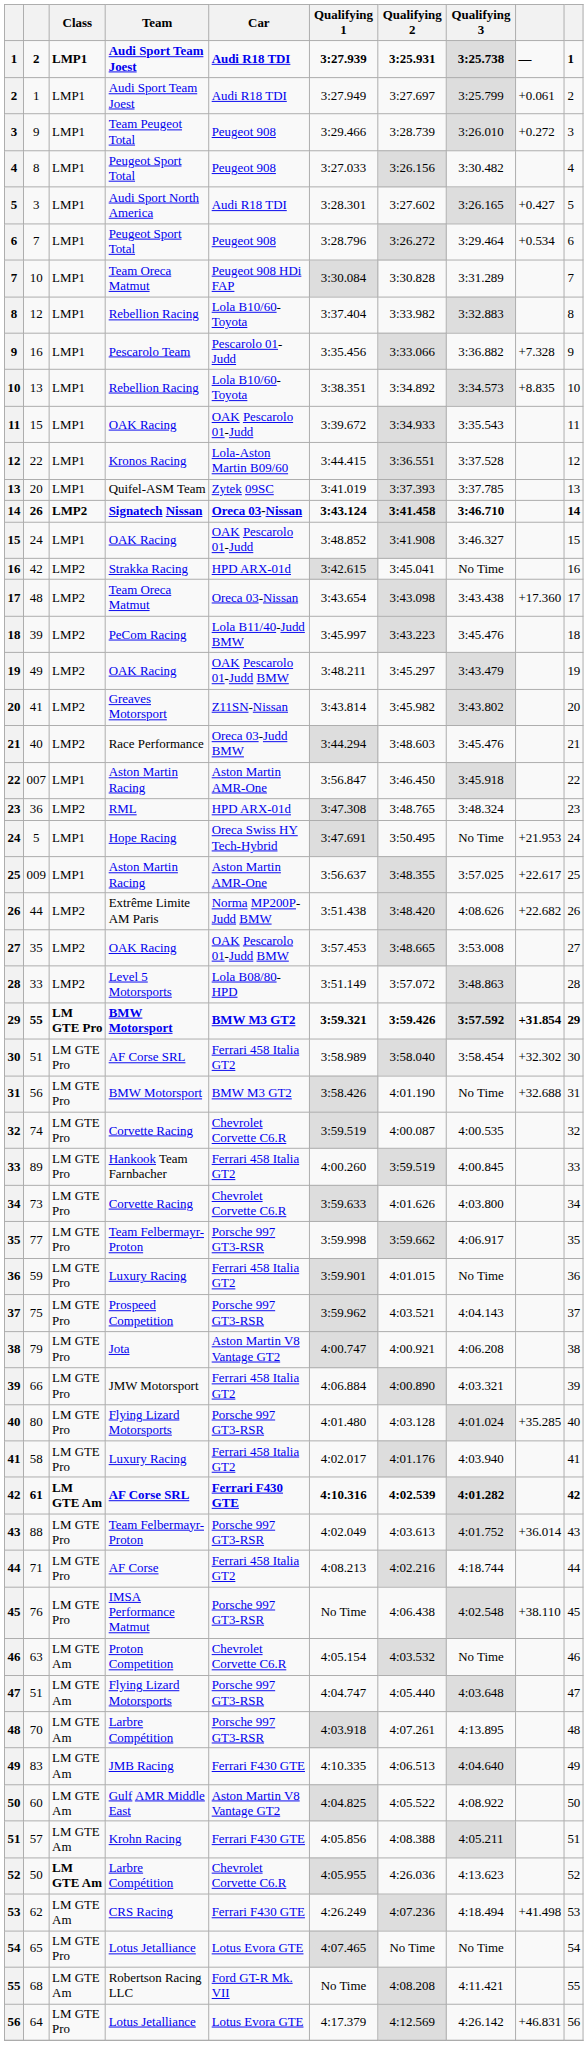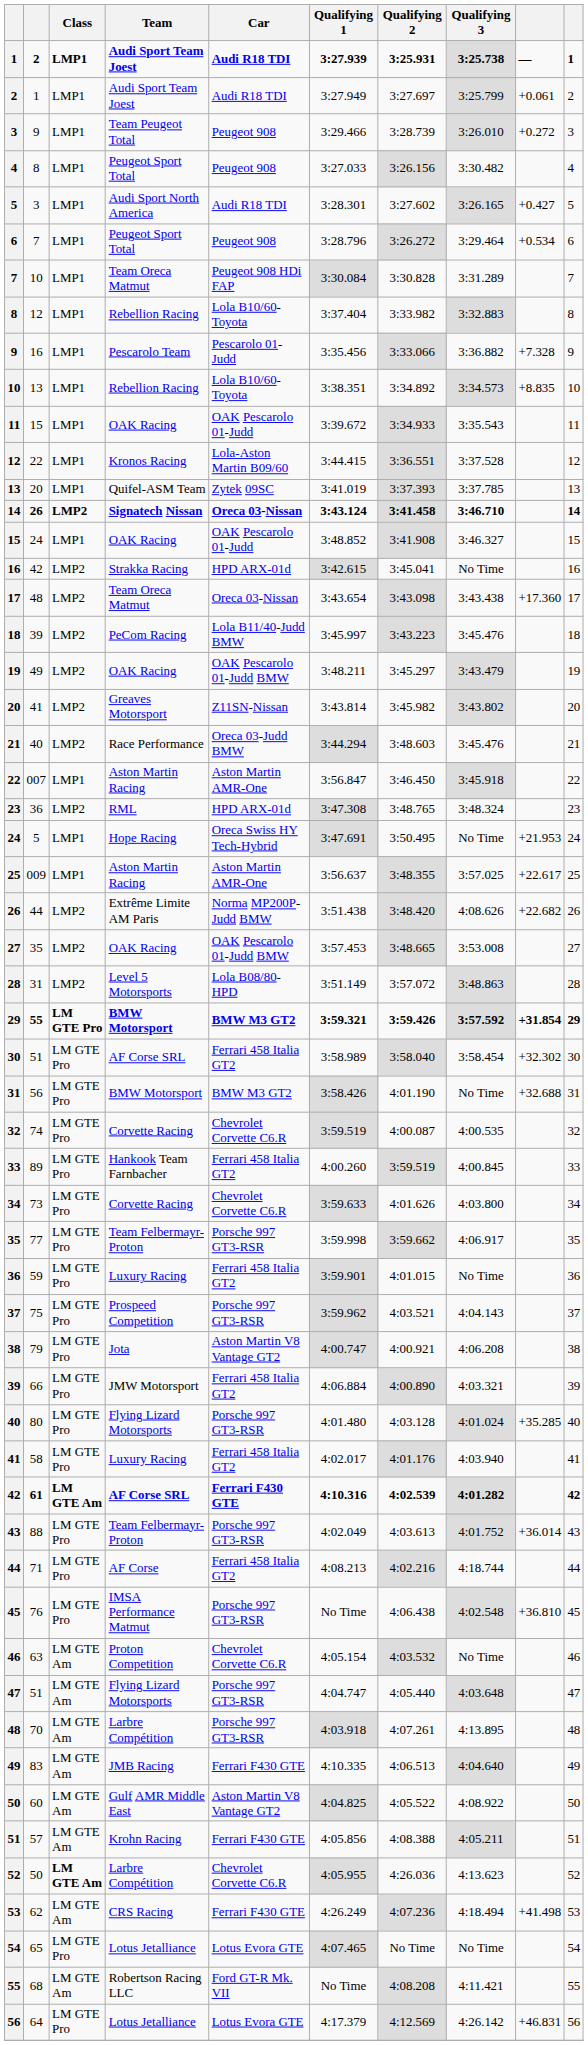 <table class="wikitable sortable" style="font-size: 85%;">
 <tr>
 <th scope=col></th>
 <th scope=col></th>
 <th scope=col>Class</th>
 <th scope=col>Team</th>
 <th scope=col>Car</th>
 <th scope=col>Qualifying 1</th>
 <th scope=col>Qualifying 2</th>
 <th scope=col>Qualifying 3</th>
 <th scope=col></th>
 <th scope=col></th>
 </tr>
 <tr style="font-weight:bold">
 <th scope=row>1</th>
 <td align=center>2</td>
 <td>LMP1</td>
 <td><a href='#'>Audi Sport Team Joest</a></td>
 <td><a href='#'>Audi R18 TDI</a></td>
 <td align=center>3:27.939</td>
 <td align=center>3:25.931</td>
 <td align=center style=background:#ddd;>3:25.738</td>
 <td>—</td>
 <td>1</td>
 </tr>
 <tr>
 <th scope=row>2</th>
 <td align=center>1</td>
 <td>LMP1</td>
 <td><a href='#'>Audi Sport Team Joest</a></td>
 <td><a href='#'>Audi R18 TDI</a></td>
 <td align=center>3:27.949</td>
 <td align=center>3:27.697</td>
 <td align=center style=background:#ddd;>3:25.799</td>
 <td>+0.061</td>
 <td>2</td>
 </tr>
 <tr>
 <th scope=row>3</th>
 <td align=center>9</td>
 <td>LMP1</td>
 <td><a href='#'>Team Peugeot Total</a></td>
 <td><a href='#'>Peugeot 908</a></td>
 <td align=center>3:29.466</td>
 <td align=center>3:28.739</td>
 <td align=center style=background:#ddd;>3:26.010</td>
 <td>+0.272</td>
 <td>3</td>
 </tr>
 <tr>
 <th scope=row>4</th>
 <td align=center>8</td>
 <td>LMP1</td>
 <td><a href='#'>Peugeot Sport Total</a></td>
 <td><a href='#'>Peugeot 908</a></td>
 <td align=center>3:27.033</td>
 <td align=center style=background:#ddd;>3:26.156</td>
 <td align=center>3:30.482</td>
 <td></td>
 <td>4</td>
 </tr>
 <tr>
 <th scope=row>5</th>
 <td align=center>3</td>
 <td>LMP1</td>
 <td><a href='#'>Audi Sport North America</a></td>
 <td><a href='#'>Audi R18 TDI</a></td>
 <td align=center>3:28.301</td>
 <td align=center>3:27.602</td>
 <td align=center style=background:#ddd;>3:26.165</td>
 <td>+0.427</td>
 <td>5</td>
 </tr>
 <tr>
 <th scope=row>6</th>
 <td align=center>7</td>
 <td>LMP1</td>
 <td><a href='#'>Peugeot Sport Total</a></td>
 <td><a href='#'>Peugeot 908</a></td>
 <td align=center>3:28.796</td>
 <td align=center style=background:#ddd;>3:26.272</td>
 <td align=center>3:29.464</td>
 <td>+0.534</td>
 <td>6</td>
 </tr>
 <tr>
 <th scope=row>7</th>
 <td align=center>10</td>
 <td>LMP1</td>
 <td><a href='#'>Team Oreca Matmut</a></td>
 <td><a href='#'>Peugeot 908 HDi FAP</a></td>
 <td align=center style=background:#ddd;>3:30.084</td>
 <td align=center>3:30.828</td>
 <td align=center>3:31.289</td>
 <td></td>
 <td>7</td>
 </tr>
 <tr>
 <th scope=row>8</th>
 <td align=center>12</td>
 <td>LMP1</td>
 <td><a href='#'>Rebellion Racing</a></td>
 <td><a href='#'>Lola B10/60</a>-<a href='#'>Toyota</a></td>
 <td align=center>3:37.404</td>
 <td align=center>3:33.982</td>
 <td align=center style=background:#ddd;>3:32.883</td>
 <td></td>
 <td>8</td>
 </tr>
 <tr>
 <th scope=row>9</th>
 <td align=center>16</td>
 <td>LMP1</td>
 <td><a href='#'>Pescarolo Team</a></td>
 <td><a href='#'>Pescarolo 01</a>-<a href='#'>Judd</a></td>
 <td align=center>3:35.456</td>
 <td align=center style=background:#ddd;>3:33.066</td>
 <td align=center>3:36.882</td>
 <td>+7.328</td>
 <td>9</td>
 </tr>
 <tr>
 <th scope=row>10</th>
 <td align=center>13</td>
 <td>LMP1</td>
 <td><a href='#'>Rebellion Racing</a></td>
 <td><a href='#'>Lola B10/60</a>-<a href='#'>Toyota</a></td>
 <td align=center>3:38.351</td>
 <td align=center>3:34.892</td>
 <td align=center style=background:#ddd;>3:34.573</td>
 <td>+8.835</td>
 <td>10</td>
 </tr>
 <tr>
 <th scope=row>11</th>
 <td align=center>15</td>
 <td>LMP1</td>
 <td><a href='#'>OAK Racing</a></td>
 <td><a href='#'>OAK</a> <a href='#'>Pescarolo 01</a>-<a href='#'>Judd</a></td>
 <td align=center>3:39.672</td>
 <td align=center style=background:#ddd;>3:34.933</td>
 <td align=center>3:35.543</td>
 <td></td>
 <td>11</td>
 </tr>
 <tr>
 <th scope=row>12</th>
 <td align=center>22</td>
 <td>LMP1</td>
 <td><a href='#'>Kronos Racing</a></td>
 <td><a href='#'>Lola-Aston Martin B09/60</a></td>
 <td align=center>3:44.415</td>
 <td align=center style=background:#ddd;>3:36.551</td>
 <td align=center>3:37.528</td>
 <td></td>
 <td>12</td>
 </tr>
 <tr>
 <th scope=row>13</th>
 <td align=center>20</td>
 <td>LMP1</td>
 <td>Quifel-ASM Team</td>
 <td><a href='#'>Zytek</a> <a href='#'>09SC</a></td>
 <td align=center>3:41.019</td>
 <td align=center style=background:#ddd;>3:37.393</td>
 <td align=center>3:37.785</td>
 <td></td>
 <td>13</td>
 </tr>
 <tr style="font-weight:bold">
 <th scope=row>14</th>
 <td align=center>26</td>
 <td>LMP2</td>
 <td><a href='#'>Signatech</a> <a href='#'>Nissan</a></td>
 <td><a href='#'>Oreca 03</a>-<a href='#'>Nissan</a></td>
 <td align=center>3:43.124</td>
 <td align=center style=background:#ddd;>3:41.458</td>
 <td align=center>3:46.710</td>
 <td></td>
 <td>14</td>
 </tr>
 <tr>
 <th scope=row>15</th>
 <td align=center>24</td>
 <td>LMP1</td>
 <td><a href='#'>OAK Racing</a></td>
 <td><a href='#'>OAK</a> <a href='#'>Pescarolo 01</a>-<a href='#'>Judd</a></td>
 <td align=center>3:48.852</td>
 <td align=center style=background:#ddd;>3:41.908</td>
 <td align=center>3:46.327</td>
 <td></td>
 <td>15</td>
 </tr>
 <tr>
 <th scope=row>16</th>
 <td align=center>42</td>
 <td>LMP2</td>
 <td><a href='#'>Strakka Racing</a></td>
 <td><a href='#'>HPD ARX-01d</a></td>
 <td align=center style=background:#ddd;>3:42.615</td>
 <td align=center>3:45.041</td>
 <td align=center>No Time</td>
 <td></td>
 <td>16</td>
 </tr>
 <tr>
 <th scope=row>17</th>
 <td align=center>48</td>
 <td>LMP2</td>
 <td><a href='#'>Team Oreca Matmut</a></td>
 <td><a href='#'>Oreca 03</a>-<a href='#'>Nissan</a></td>
 <td align=center>3:43.654</td>
 <td align=center style=background:#ddd;>3:43.098</td>
 <td align=center>3:43.438</td>
 <td>+17.360</td>
 <td>17</td>
 </tr>
 <tr>
 <th scope=row>18</th>
 <td align=center>39</td>
 <td>LMP2</td>
 <td><a href='#'>PeCom Racing</a></td>
 <td><a href='#'>Lola B11/40</a>-<a href='#'>Judd</a> <a href='#'>BMW</a></td>
 <td align=center>3:45.997</td>
 <td align=center style=background:#ddd;>3:43.223</td>
 <td align=center>3:45.476</td>
 <td></td>
 <td>18</td>
 </tr>
 <tr>
 <th scope=row>19</th>
 <td align=center>49</td>
 <td>LMP2</td>
 <td><a href='#'>OAK Racing</a></td>
 <td><a href='#'>OAK</a> <a href='#'>Pescarolo 01</a>-<a href='#'>Judd</a> <a href='#'>BMW</a></td>
 <td align=center>3:48.211</td>
 <td align=center>3:45.297</td>
 <td align=center style=background:#ddd;>3:43.479</td>
 <td></td>
 <td>19</td>
 </tr>
 <tr>
 <th scope=row>20</th>
 <td align=center>41</td>
 <td>LMP2</td>
 <td><a href='#'>Greaves Motorsport</a></td>
 <td><a href='#'>Z11SN</a>-<a href='#'>Nissan</a></td>
 <td align=center>3:43.814</td>
 <td align=center>3:45.982</td>
 <td align=center style=background:#ddd;>3:43.802</td>
 <td></td>
 <td>20</td>
 </tr>
 <tr>
 <th scope=row>21</th>
 <td align=center>40</td>
 <td>LMP2</td>
 <td>Race Performance</td>
 <td><a href='#'>Oreca 03</a>-<a href='#'>Judd</a> <a href='#'>BMW</a></td>
 <td align=center style=background:#ddd;>3:44.294</td>
 <td align=center>3:48.603</td>
 <td align=center>3:45.476</td>
 <td></td>
 <td>21</td>
 </tr>
 <tr>
 <th scope=row>22</th>
 <td align=center>007</td>
 <td>LMP1</td>
 <td><a href='#'>Aston Martin Racing</a></td>
 <td><a href='#'>Aston Martin AMR-One</a></td>
 <td align=center>3:56.847</td>
 <td align=center>3:46.450</td>
 <td align=center style=background:#ddd;>3:45.918</td>
 <td></td>
 <td>22</td>
 </tr>
 <tr>
 <th scope=row>23</th>
 <td align=center>36</td>
 <td>LMP2</td>
 <td><a href='#'>RML</a></td>
 <td><a href='#'>HPD ARX-01d</a></td>
 <td align=center style=background:#ddd;>3:47.308</td>
 <td align=center>3:48.765</td>
 <td align=center>3:48.324</td>
 <td></td>
 <td>23</td>
 </tr>
 <tr>
 <th scope=row>24</th>
 <td align=center>5</td>
 <td>LMP1</td>
 <td><a href='#'>Hope Racing</a></td>
 <td><a href='#'>Oreca Swiss HY Tech-Hybrid</a></td>
 <td align=center style=background:#ddd;>3:47.691</td>
 <td align=center>3:50.495</td>
 <td align=center>No Time</td>
 <td>+21.953</td>
 <td>24</td>
 </tr>
 <tr>
 <th scope=row>25</th>
 <td align=center>009</td>
 <td>LMP1</td>
 <td><a href='#'>Aston Martin Racing</a></td>
 <td><a href='#'>Aston Martin AMR-One</a></td>
 <td align=center>3:56.637</td>
 <td align=center style=background:#ddd;>3:48.355</td>
 <td align=center>3:57.025</td>
 <td>+22.617</td>
 <td>25</td>
 </tr>
 <tr>
 <th scope=row>26</th>
 <td align=center>44</td>
 <td>LMP2</td>
 <td>Extrême Limite AM Paris</td>
 <td><a href='#'>Norma</a> <a href='#'>MP200P</a>-<a href='#'>Judd</a> <a href='#'>BMW</a></td>
 <td align=center>3:51.438</td>
 <td align=center style=background:#ddd;>3:48.420</td>
 <td align=center>4:08.626</td>
 <td>+22.682</td>
 <td>26</td>
 </tr>
 <tr>
 <th scope=row>27</th>
 <td align=center>35</td>
 <td>LMP2</td>
 <td><a href='#'>OAK Racing</a></td>
 <td><a href='#'>OAK</a> <a href='#'>Pescarolo 01</a>-<a href='#'>Judd</a> <a href='#'>BMW</a></td>
 <td align=center>3:57.453</td>
 <td align=center style=background:#ddd;>3:48.665</td>
 <td align=center>3:53.008</td>
 <td></td>
 <td>27</td>
 </tr>
 <tr>
 <th scope=row>28</th>
-<td align=center>33</td>
+<td align=center>31</td>
 <td>LMP2</td>
 <td><a href='#'>Level 5 Motorsports</a></td>
 <td><a href='#'>Lola B08/80</a>-<a href='#'>HPD</a></td>
 <td align=center>3:51.149</td>
 <td align=center>3:57.072</td>
 <td align=center style=background:#ddd;>3:48.863</td>
 <td></td>
 <td>28</td>
 </tr>
 <tr style="font-weight:bold">
 <th scope=row>29</th>
 <td align=center>55</td>
 <td>LM GTE Pro</td>
 <td><a href='#'>BMW Motorsport</a></td>
 <td><a href='#'>BMW M3 GT2</a></td>
 <td align=center>3:59.321</td>
 <td align=center>3:59.426</td>
 <td align=center style=background:#ddd;>3:57.592</td>
 <td>+31.854</td>
 <td>29</td>
 </tr>
 <tr>
 <th scope=row>30</th>
 <td align=center>51</td>
 <td>LM GTE Pro</td>
 <td><a href='#'>AF Corse SRL</a></td>
 <td><a href='#'>Ferrari 458 Italia GT2</a></td>
 <td align=center>3:58.989</td>
 <td align=center style=background:#ddd;>3:58.040</td>
 <td align=center>3:58.454</td>
 <td>+32.302</td>
 <td>30</td>
 </tr>
 <tr>
 <th scope=row>31</th>
 <td align=center>56</td>
 <td>LM GTE Pro</td>
 <td><a href='#'>BMW Motorsport</a></td>
 <td><a href='#'>BMW M3 GT2</a></td>
 <td align=center style=background:#ddd;>3:58.426</td>
 <td align=center>4:01.190</td>
 <td align=center>No Time</td>
 <td>+32.688</td>
 <td>31</td>
 </tr>
 <tr>
 <th scope=row>32</th>
 <td align=center>74</td>
 <td>LM GTE Pro</td>
 <td><a href='#'>Corvette Racing</a></td>
 <td><a href='#'>Chevrolet Corvette C6.R</a></td>
 <td align=center style=background:#ddd;>3:59.519</td>
 <td align=center>4:00.087</td>
 <td align=center>4:00.535</td>
 <td></td>
 <td>32</td>
 </tr>
 <tr>
 <th scope=row>33</th>
 <td align=center>89</td>
 <td>LM GTE Pro</td>
 <td><a href='#'>Hankook</a> Team Farnbacher</td>
 <td><a href='#'>Ferrari 458 Italia GT2</a></td>
 <td align=center>4:00.260</td>
 <td align=center style=background:#ddd;>3:59.519</td>
 <td align=center>4:00.845</td>
 <td></td>
 <td>33</td>
 </tr>
 <tr>
 <th scope=row>34</th>
 <td align=center>73</td>
 <td>LM GTE Pro</td>
 <td><a href='#'>Corvette Racing</a></td>
 <td><a href='#'>Chevrolet Corvette C6.R</a></td>
 <td align=center style=background:#ddd;>3:59.633</td>
 <td align=center>4:01.626</td>
 <td align=center>4:03.800</td>
 <td></td>
 <td>34</td>
 </tr>
 <tr>
 <th scope=row>35</th>
 <td align=center>77</td>
 <td>LM GTE Pro</td>
 <td><a href='#'>Team Felbermayr-Proton</a></td>
 <td><a href='#'>Porsche 997 GT3-RSR</a></td>
 <td align=center>3:59.998</td>
 <td align=center style=background:#ddd;>3:59.662</td>
 <td align=center>4:06.917</td>
 <td></td>
 <td>35</td>
 </tr>
 <tr>
 <th scope=row>36</th>
 <td align=center>59</td>
 <td>LM GTE Pro</td>
 <td><a href='#'>Luxury Racing</a></td>
 <td><a href='#'>Ferrari 458 Italia GT2</a></td>
 <td align=center style=background:#ddd;>3:59.901</td>
 <td align=center>4:01.015</td>
 <td align=center>No Time</td>
 <td></td>
 <td>36</td>
 </tr>
 <tr>
 <th scope=row>37</th>
 <td align=center>75</td>
 <td>LM GTE Pro</td>
 <td><a href='#'>Prospeed Competition</a></td>
 <td><a href='#'>Porsche 997 GT3-RSR</a></td>
 <td align=center style=background:#ddd;>3:59.962</td>
 <td align=center>4:03.521</td>
 <td align=center>4:04.143</td>
 <td></td>
 <td>37</td>
 </tr>
 <tr>
 <th scope=row>38</th>
 <td align=center>79</td>
 <td>LM GTE Pro</td>
 <td><a href='#'>Jota</a></td>
 <td><a href='#'>Aston Martin V8 Vantage GT2</a></td>
 <td align=center style=background:#ddd;>4:00.747</td>
 <td align=center>4:00.921</td>
 <td align=center>4:06.208</td>
 <td></td>
 <td>38</td>
 </tr>
 <tr>
 <th scope=row>39</th>
 <td align=center>66</td>
 <td>LM GTE Pro</td>
 <td>JMW Motorsport</td>
 <td><a href='#'>Ferrari 458 Italia GT2</a></td>
 <td align=center>4:06.884</td>
 <td align=center style=background:#ddd;>4:00.890</td>
 <td align=center>4:03.321</td>
 <td></td>
 <td>39</td>
 </tr>
 <tr>
 <th scope=row>40</th>
 <td align=center>80</td>
 <td>LM GTE Pro</td>
 <td><a href='#'>Flying Lizard Motorsports</a></td>
 <td><a href='#'>Porsche 997 GT3-RSR</a></td>
 <td align=center>4:01.480</td>
 <td align=center>4:03.128</td>
 <td align=center style=background:#ddd;>4:01.024</td>
 <td>+35.285</td>
 <td>40</td>
 </tr>
 <tr>
 <th scope=row>41</th>
 <td align=center>58</td>
 <td>LM GTE Pro</td>
 <td><a href='#'>Luxury Racing</a></td>
 <td><a href='#'>Ferrari 458 Italia GT2</a></td>
 <td align=center>4:02.017</td>
 <td align=center style=background:#ddd;>4:01.176</td>
 <td align=center>4:03.940</td>
 <td></td>
 <td>41</td>
 </tr>
 <tr style="font-weight:bold">
 <th scope=row>42</th>
 <td align=center>61</td>
 <td>LM GTE Am</td>
 <td><a href='#'>AF Corse SRL</a></td>
 <td><a href='#'>Ferrari F430 GTE</a></td>
 <td align=center>4:10.316</td>
 <td align=center>4:02.539</td>
 <td align=center style=background:#ddd;>4:01.282</td>
 <td></td>
 <td>42</td>
 </tr>
 <tr>
 <th scope=row>43</th>
 <td align=center>88</td>
 <td>LM GTE Pro</td>
 <td><a href='#'>Team Felbermayr-Proton</a></td>
 <td><a href='#'>Porsche 997 GT3-RSR</a></td>
 <td align=center>4:02.049</td>
 <td align=center>4:03.613</td>
 <td align=center style=background:#ddd;>4:01.752</td>
 <td>+36.014</td>
 <td>43</td>
 </tr>
 <tr>
 <th scope=row>44</th>
 <td align=center>71</td>
 <td>LM GTE Pro</td>
 <td><a href='#'>AF Corse</a></td>
 <td><a href='#'>Ferrari 458 Italia GT2</a></td>
 <td align=center>4:08.213</td>
 <td align=center style=background:#ddd;>4:02.216</td>
 <td align=center>4:18.744</td>
 <td></td>
 <td>44</td>
 </tr>
 <tr>
 <th scope=row>45</th>
 <td align=center>76</td>
 <td>LM GTE Pro</td>
 <td><a href='#'>IMSA Performance Matmut</a></td>
 <td><a href='#'>Porsche 997 GT3-RSR</a></td>
 <td align=center>No Time</td>
 <td align=center>4:06.438</td>
 <td align=center style=background:#ddd;>4:02.548</td>
-<td>+38.110</td>
+<td>+36.810</td>
 <td>45</td>
 </tr>
 <tr>
 <th scope=row>46</th>
 <td align=center>63</td>
 <td>LM GTE Am</td>
 <td><a href='#'>Proton Competition</a></td>
 <td><a href='#'>Chevrolet Corvette C6.R</a></td>
 <td align=center>4:05.154</td>
 <td align=center style=background:#ddd;>4:03.532</td>
 <td align=center>No Time</td>
 <td></td>
 <td>46</td>
 </tr>
 <tr>
 <th scope=row>47</th>
 <td align=center>51</td>
 <td>LM GTE Am</td>
 <td><a href='#'>Flying Lizard Motorsports</a></td>
 <td><a href='#'>Porsche 997 GT3-RSR</a></td>
 <td align=center>4:04.747</td>
 <td align=center>4:05.440</td>
 <td align=center style=background:#ddd;>4:03.648</td>
 <td></td>
 <td>47</td>
 </tr>
 <tr>
 <th scope=row>48</th>
 <td align=center>70</td>
 <td>LM GTE Am</td>
 <td><a href='#'>Larbre Compétition</a></td>
 <td><a href='#'>Porsche 997 GT3-RSR</a></td>
 <td align=center style=background:#ddd;>4:03.918</td>
 <td align=center>4:07.261</td>
 <td align=center>4:13.895</td>
 <td></td>
 <td>48</td>
 </tr>
 <tr>
 <th scope=row>49</th>
 <td align=center>83</td>
 <td>LM GTE Am</td>
 <td><a href='#'>JMB Racing</a></td>
 <td><a href='#'>Ferrari F430 GTE</a></td>
 <td align=center>4:10.335</td>
 <td align=center>4:06.513</td>
 <td align=center style=background:#ddd;>4:04.640</td>
 <td></td>
 <td>49</td>
 </tr>
 <tr>
 <th scope=row>50</th>
 <td align=center>60</td>
 <td>LM GTE Am</td>
 <td><a href='#'>Gulf</a> <a href='#'>AMR Middle East</a></td>
 <td><a href='#'>Aston Martin V8 Vantage GT2</a></td>
 <td align=center style=background:#ddd;>4:04.825</td>
 <td align=center>4:05.522</td>
 <td align=center>4:08.922</td>
 <td></td>
 <td>50</td>
 </tr>
 <tr>
 <th scope=row>51</th>
 <td align=center>57</td>
 <td>LM GTE Am</td>
 <td><a href='#'>Krohn Racing</a></td>
 <td><a href='#'>Ferrari F430 GTE</a></td>
 <td align=center>4:05.856</td>
 <td align=center>4:08.388</td>
 <td align=center style=background:#ddd;>4:05.211</td>
 <td></td>
 <td>51</td>
 </tr>
 <tr>
 <th scope=row>52</th>
 <td align=center>50</td>
 <td><strong>LM GTE Am</strong></td>
 <td><a href='#'>Larbre Compétition</a></td>
 <td><a href='#'>Chevrolet Corvette C6.R</a></td>
 <td align=center style=background:#ddd;>4:05.955</td>
 <td align=center>4:26.036</td>
 <td align=center>4:13.623</td>
 <td></td>
 <td>52</td>
 </tr>
 <tr>
 <th scope=row>53</th>
 <td align=center>62</td>
 <td>LM GTE Am</td>
 <td><a href='#'>CRS Racing</a></td>
 <td><a href='#'>Ferrari F430 GTE</a></td>
 <td align=center>4:26.249</td>
 <td align=center style=background:#ddd;>4:07.236</td>
 <td align=center>4:18.494</td>
 <td>+41.498</td>
 <td>53</td>
 </tr>
 <tr>
 <th scope=row>54</th>
 <td align=center>65</td>
 <td>LM GTE Pro</td>
 <td><a href='#'>Lotus Jetalliance</a></td>
 <td><a href='#'>Lotus Evora GTE</a></td>
 <td align=center style=background:#ddd;>4:07.465</td>
 <td align=center>No Time</td>
 <td align=center>No Time</td>
 <td></td>
 <td>54</td>
 </tr>
 <tr>
 <th scope=row>55</th>
 <td align=center>68</td>
 <td>LM GTE Am</td>
 <td>Robertson Racing LLC</td>
 <td><a href='#'>Ford GT-R Mk. VII</a></td>
 <td align=center>No Time</td>
 <td align=center style=background:#ddd;>4:08.208</td>
 <td align=center>4:11.421</td>
 <td></td>
 <td>55</td>
 </tr>
 <tr>
 <th scope=row>56</th>
 <td align=center>64</td>
 <td>LM GTE Pro</td>
 <td><a href='#'>Lotus Jetalliance</a></td>
 <td><a href='#'>Lotus Evora GTE</a></td>
 <td align=center>4:17.379</td>
 <td align=center style=background:#ddd;>4:12.569</td>
 <td align=center>4:26.142</td>
 <td>+46.831</td>
 <td>56</td>
 </tr>
 <tr>
 </tr>
 </table>
